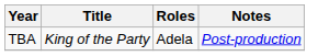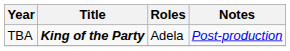 <table class="wikitable sortable">
 <tr>
 <th>Year</th>
 <th>Title</th>
 <th>Roles</th>
 <th>Notes</th>
 </tr>
 <tr>
 <td>TBA</td>
-<td><em>King of the Party</em></td>
+<td><strong><em>King of the Party</em></strong></td>
 <td>Adela</td>
 <td><em><a href='#'>Post-production</a></em></td>
 </tr>
 <tr>
 </tr>
 </table>
